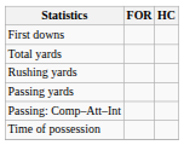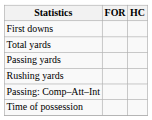 <table class="wikitable" style="float: left;">
 <tr>
 <th>Statistics</th>
 <th>FOR</th>
 <th>HC</th>
 </tr>
 <tr>
 <td>First downs</td>
 <td></td>
 <td></td>
 </tr>
 <tr>
 <td>Total yards</td>
 <td></td>
 <td></td>
 </tr>
 <tr>
-<td>Rushing yards</td>
+<td>Passing yards</td>
 <td></td>
 <td></td>
 </tr>
 <tr>
-<td>Passing yards</td>
+<td>Rushing yards</td>
 <td></td>
 <td></td>
 </tr>
 <tr>
 <td>Passing: Comp–Att–Int</td>
 <td></td>
 <td></td>
 </tr>
 <tr>
 <td>Time of possession</td>
 <td></td>
 <td></td>
 </tr>
 <tr>
 </tr>
 </table>
